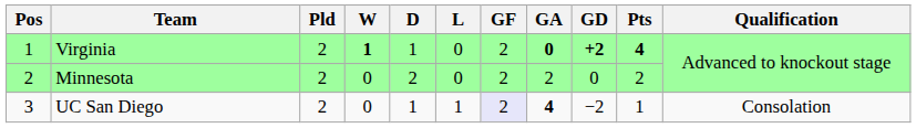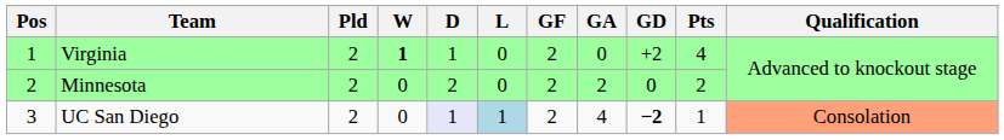 <table class="wikitable" style="text-align:center; margin: 1em auto">
 <tr>
 <th style="width:2em">Pos</th>
 <th style="width:13em">Team</th>
 <th style="width:2em">Pld</th>
 <th style="width:2em">W</th>
 <th style="width:2em">D</th>
 <th style="width:2em">L</th>
 <th style="width:2em">GF</th>
 <th style="width:2em">GA</th>
 <th style="width:2em">GD</th>
 <th style="width:2em">Pts</th>
 <th style="width:13em">Qualification</th>
 </tr>
 <tr bgcolor="#9eff9e">
 <td>1</td>
 <td style="text-align:left">Virginia</td>
 <td>2</td>
 <td><strong>1</strong></td>
 <td>1</td>
 <td>0</td>
 <td>2</td>
-<td><strong>0</strong></td>
-<td><strong>+2</strong></td>
-<td><strong>4</strong></td>
+<td>0</td>
+<td>+2</td>
+<td>4</td>
 <td rowspan="2">Advanced to knockout stage</td>
 </tr>
 <tr bgcolor="#9eff9e">
 <td>2</td>
 <td style="text-align:left">Minnesota</td>
 <td>2</td>
 <td>0</td>
 <td>2</td>
 <td>0</td>
 <td>2</td>
 <td>2</td>
 <td>0</td>
 <td>2</td>
 </tr>
 <tr>
 <td>3</td>
 <td style="text-align:left">UC San Diego</td>
 <td>2</td>
 <td>0</td>
+<td style="background: lavender;">1</td>
+<td style="background: lightblue;">1</td>
+<td>2</td>
+<td>4</td>
+<td><strong>−2</strong></td>
 <td>1</td>
-<td>1</td>
-<td style="background: lavender;">2</td>
-<td><strong>4</strong></td>
-<td>−2</td>
-<td>1</td>
-<td>Consolation</td>
+<td style="background: lightsalmon;">Consolation</td>
 </tr>
 </table>
